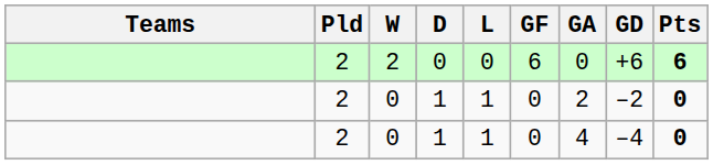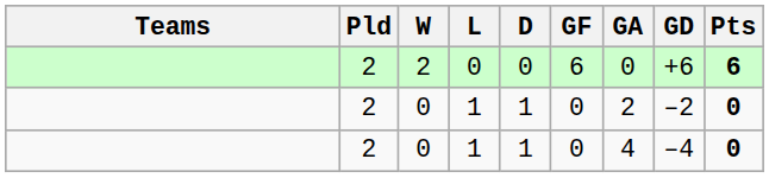 <table class="wikitable" style="text-align: center;">
 <tr>
 <th width=165>Teams</th>
 <th width=20>Pld</th>
 <th width=20>W</th>
+<th width=20>L</th>
 <th width=20>D</th>
-<th width=20>L</th>
 <th width=20>GF</th>
 <th width=20>GA</th>
 <th width=20>GD</th>
 <th width=20>Pts</th>
 </tr>
 <tr align=center style="background:#ccffcc;">
 <td style="text-align:left;"></td>
 <td>2</td>
 <td>2</td>
 <td>0</td>
 <td>0</td>
 <td>6</td>
 <td>0</td>
 <td>+6</td>
 <td><strong>6</strong></td>
 </tr>
 <tr align=center>
 <td style="text-align:left;"></td>
 <td>2</td>
 <td>0</td>
 <td>1</td>
 <td>1</td>
 <td>0</td>
 <td>2</td>
 <td>–2</td>
 <td><strong>0</strong></td>
 </tr>
 <tr align=center>
 <td style="text-align:left;"></td>
 <td>2</td>
 <td>0</td>
 <td>1</td>
 <td>1</td>
 <td>0</td>
 <td>4</td>
 <td>–4</td>
 <td><strong>0</strong></td>
 </tr>
 </table>
